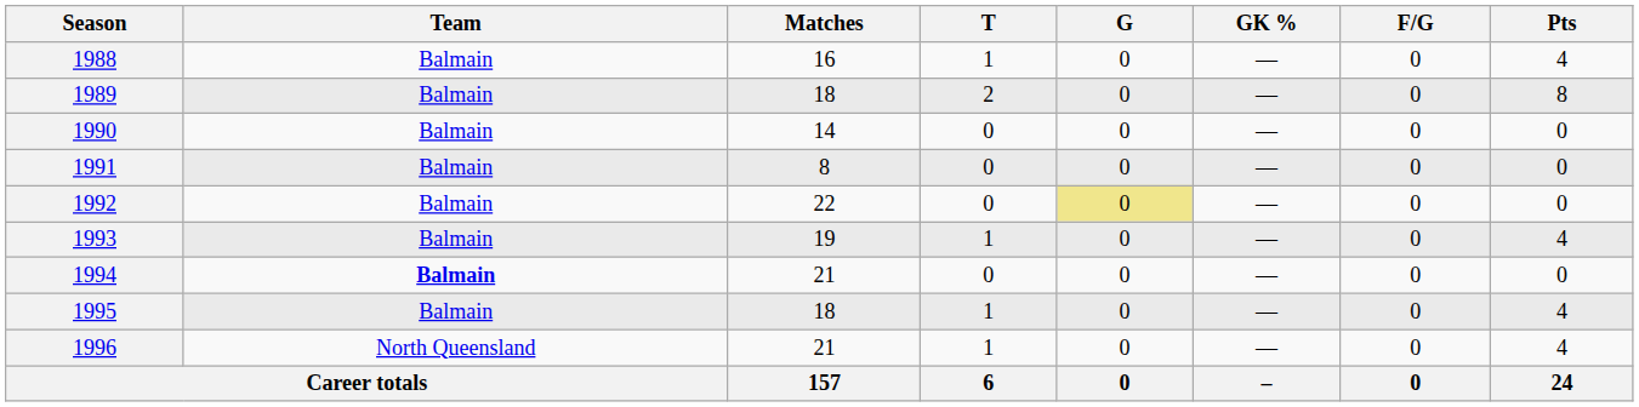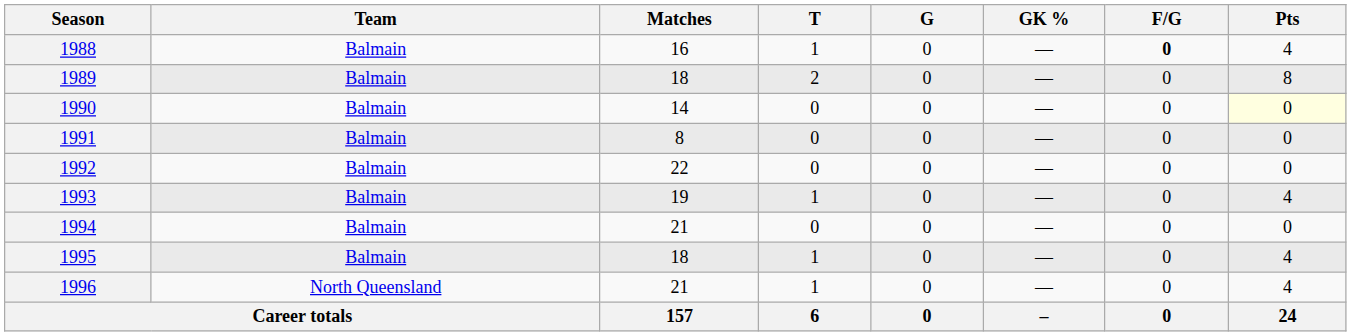 <table class="wikitable sortable"  style="font-size:90%; text-align:center; width:85%;">
 <tr>
 <th width=2%>Season</th>
 <th width=8%>Team</th>
 <th width=2%>Matches</th>
 <th width=2%>T</th>
 <th width=2%>G</th>
 <th width=2%>GK %</th>
 <th width=2%>F/G</th>
 <th width=2%>Pts</th>
 </tr>
 <tr>
 <th scope="row" style="text-align:center; font-weight:normal"><a href='#'>1988</a></th>
 <td style="text-align:center;"> <a href='#'>Balmain</a></td>
 <td>16</td>
 <td>1</td>
 <td>0</td>
 <td>—</td>
-<td>0</td>
+<td><strong>0</strong></td>
 <td>4</td>
 </tr>
 <tr style="background-color: #EAEAEA">
 <th scope="row" style="text-align:center; font-weight:normal"><a href='#'>1989</a></th>
 <td style="text-align:center;"> <a href='#'>Balmain</a></td>
 <td>18</td>
 <td>2</td>
 <td>0</td>
 <td>—</td>
 <td>0</td>
 <td>8</td>
 </tr>
 <tr>
 <th scope="row" style="text-align:center; font-weight:normal"><a href='#'>1990</a></th>
 <td style="text-align:center;"> <a href='#'>Balmain</a></td>
 <td>14</td>
 <td>0</td>
 <td>0</td>
 <td>—</td>
 <td>0</td>
-<td>0</td>
+<td style="background: lightyellow;">0</td>
 </tr>
 <tr style="background-color: #EAEAEA">
 <th scope="row" style="text-align:center; font-weight:normal"><a href='#'>1991</a></th>
 <td style="text-align:center;"> <a href='#'>Balmain</a></td>
 <td>8</td>
 <td>0</td>
 <td>0</td>
 <td>—</td>
 <td>0</td>
 <td>0</td>
 </tr>
 <tr>
 <th scope="row" style="text-align:center; font-weight:normal"><a href='#'>1992</a></th>
 <td style="text-align:center;"> <a href='#'>Balmain</a></td>
 <td>22</td>
 <td>0</td>
-<td style="background: khaki;">0</td>
+<td>0</td>
 <td>—</td>
 <td>0</td>
 <td>0</td>
 </tr>
 <tr style="background-color: #EAEAEA">
 <th scope="row" style="text-align:center; font-weight:normal"><a href='#'>1993</a></th>
 <td style="text-align:center;"> <a href='#'>Balmain</a></td>
 <td>19</td>
 <td>1</td>
 <td>0</td>
 <td>—</td>
 <td>0</td>
 <td>4</td>
 </tr>
 <tr>
 <th scope="row" style="text-align:center; font-weight:normal"><a href='#'>1994</a></th>
-<td style="text-align:center;"><strong> <a href='#'>Balmain</a></strong></td>
+<td style="text-align:center;"> <a href='#'>Balmain</a></td>
 <td>21</td>
 <td>0</td>
 <td>0</td>
 <td>—</td>
 <td>0</td>
 <td>0</td>
 </tr>
 <tr style="background-color: #EAEAEA">
 <th scope="row" style="text-align:center; font-weight:normal"><a href='#'>1995</a></th>
 <td style="text-align:center;"> <a href='#'>Balmain</a></td>
 <td>18</td>
 <td>1</td>
 <td>0</td>
 <td>—</td>
 <td>0</td>
 <td>4</td>
 </tr>
 <tr>
 <th scope="row" style="text-align:center; font-weight:normal"><a href='#'>1996</a></th>
 <td style="text-align:center;"> <a href='#'>North Queensland</a></td>
 <td>21</td>
 <td>1</td>
 <td>0</td>
 <td>—</td>
 <td>0</td>
 <td>4</td>
 </tr>
 <tr class="sortbottom">
 <th colspan=2>Career totals</th>
 <th>157</th>
 <th>6</th>
 <th>0</th>
 <th>–</th>
 <th>0</th>
 <th>24</th>
 </tr>
 </table>
